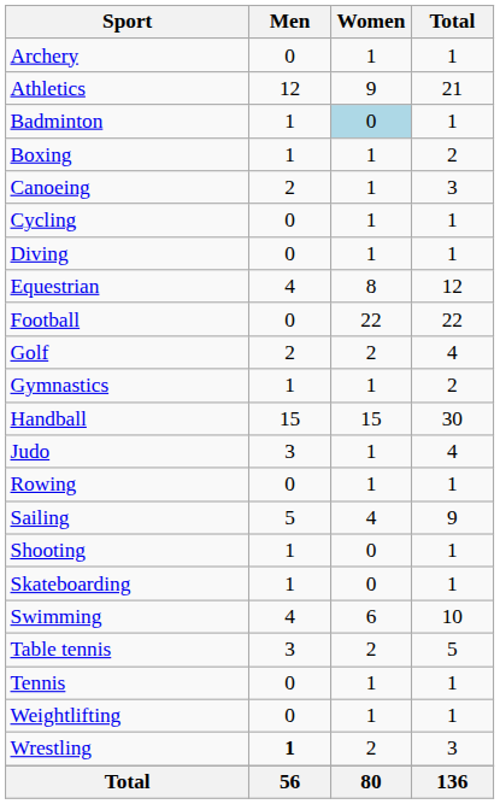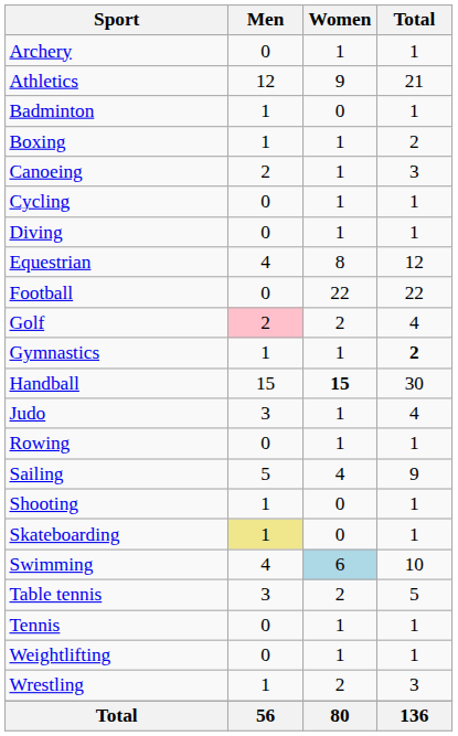 <table class="wikitable sortable" style="text-align:center;">
 <tr>
 <th width=180>Sport</th>
 <th width=55>Men</th>
 <th width=55>Women</th>
 <th width=55>Total</th>
 </tr>
 <tr>
 <td align=left><a href='#'>Archery</a></td>
 <td>0</td>
 <td>1</td>
 <td>1</td>
 </tr>
 <tr>
 <td align=left><a href='#'>Athletics</a></td>
 <td>12</td>
 <td>9</td>
 <td>21</td>
 </tr>
 <tr>
 <td align=left><a href='#'>Badminton</a></td>
 <td>1</td>
-<td style="background: lightblue;">0</td>
+<td>0</td>
 <td>1</td>
 </tr>
 <tr>
 <td align=left><a href='#'>Boxing</a></td>
 <td>1</td>
 <td>1</td>
 <td>2</td>
 </tr>
 <tr>
 <td align=left><a href='#'>Canoeing</a></td>
 <td>2</td>
 <td>1</td>
 <td>3</td>
 </tr>
 <tr>
 <td align=left><a href='#'>Cycling</a></td>
 <td>0</td>
 <td>1</td>
 <td>1</td>
 </tr>
 <tr>
 <td align=left><a href='#'>Diving</a></td>
 <td>0</td>
 <td>1</td>
 <td>1</td>
 </tr>
 <tr>
 <td align=left><a href='#'>Equestrian</a></td>
 <td>4</td>
 <td>8</td>
 <td>12</td>
 </tr>
 <tr>
 <td align=left><a href='#'>Football</a></td>
 <td>0</td>
 <td>22</td>
 <td>22</td>
 </tr>
 <tr>
 <td align=left><a href='#'>Golf</a></td>
-<td>2</td>
+<td style="background: pink;">2</td>
 <td>2</td>
 <td>4</td>
 </tr>
 <tr>
 <td align=left><a href='#'>Gymnastics</a></td>
 <td>1</td>
 <td>1</td>
-<td>2</td>
+<td><strong>2</strong></td>
 </tr>
 <tr>
 <td align=left><a href='#'>Handball</a></td>
 <td>15</td>
-<td>15</td>
+<td><strong>15</strong></td>
 <td>30</td>
 </tr>
 <tr>
 <td align=left><a href='#'>Judo</a></td>
 <td>3</td>
 <td>1</td>
 <td>4</td>
 </tr>
 <tr>
 <td align=left><a href='#'>Rowing</a></td>
 <td>0</td>
 <td>1</td>
 <td>1</td>
 </tr>
 <tr>
 <td align=left><a href='#'>Sailing</a></td>
 <td>5</td>
 <td>4</td>
 <td>9</td>
 </tr>
 <tr>
 <td align=left><a href='#'>Shooting</a></td>
 <td>1</td>
 <td>0</td>
 <td>1</td>
 </tr>
 <tr>
 <td align=left><a href='#'>Skateboarding</a></td>
-<td>1</td>
+<td style="background: khaki;">1</td>
 <td>0</td>
 <td>1</td>
 </tr>
 <tr>
 <td align=left><a href='#'>Swimming</a></td>
 <td>4</td>
-<td>6</td>
+<td style="background: lightblue;">6</td>
 <td>10</td>
 </tr>
 <tr>
 <td align=left><a href='#'>Table tennis</a></td>
 <td>3</td>
 <td>2</td>
 <td>5</td>
 </tr>
 <tr>
 <td align=left><a href='#'>Tennis</a></td>
 <td>0</td>
 <td>1</td>
 <td>1</td>
 </tr>
 <tr>
 <td align=left><a href='#'>Weightlifting</a></td>
 <td>0</td>
 <td>1</td>
 <td>1</td>
 </tr>
 <tr>
 <td align=left><a href='#'>Wrestling</a></td>
-<td><strong>1</strong></td>
+<td>1</td>
 <td>2</td>
 <td>3</td>
 </tr>
 <tr>
 </tr>
 <tr class="sortbottom">
 <th>Total</th>
 <th>56</th>
 <th>80</th>
 <th>136</th>
 </tr>
 </table>
